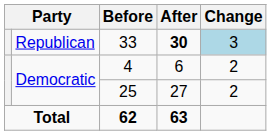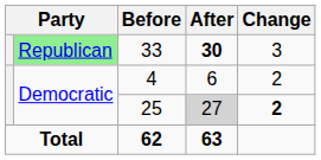 <table class="wikitable" style="text-align:center;">
 <tr>
 </tr>
 <tr>
 <th colspan=2>Party</th>
 <th>Before</th>
 <th>After</th>
 <th>Change</th>
 </tr>
 <tr>
 <th style="background-color:"></th>
-<td style="text-align:left;"><a href='#'>Republican</a></td>
+<td style="background: lightgreen; text-align:left;"><a href='#'>Republican</a></td>
 <td>33</td>
 <td><strong>30</strong></td>
-<td style="background: lightblue;"> 3</td>
+<td> 3</td>
 </tr>
 <tr>
 <th rowspan=2 style="background-color:"></th>
 <td rowspan=2 style="text-align:left;"><a href='#'>Democratic</a></td>
 <td>4</td>
 <td>6</td>
 <td> 2</td>
 </tr>
 <tr>
 <td>25</td>
-<td>27</td>
-<td> 2</td>
+<td style="background: lightgrey;">27</td>
+<td><strong> 2</strong></td>
 </tr>
 <tr>
 <td colspan=2><strong>Total</strong></td>
 <td><strong>62</strong></td>
 <td><strong>63</strong></td>
 <td></td>
 </tr>
 </table>
